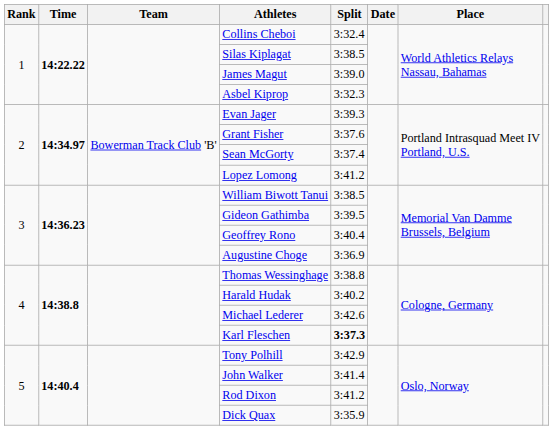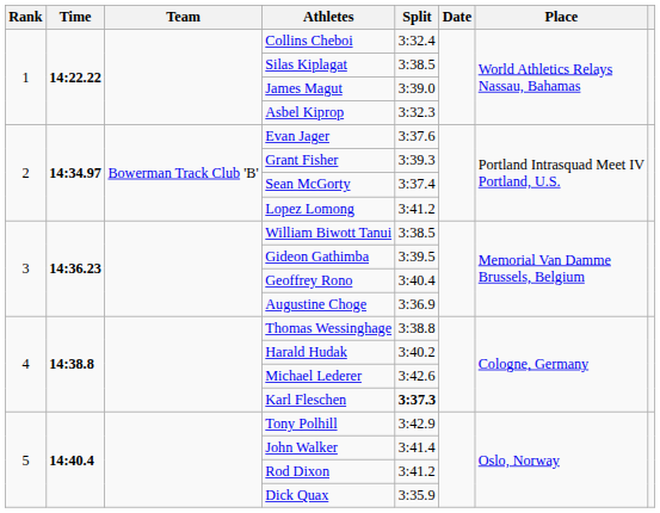 <table class="wikitable sortable" style="font-size:95%;">
 <tr>
 <th>Rank</th>
 <th>Time</th>
 <th>Team</th>
 <th>Athletes</th>
 <th>Split</th>
 <th>Date</th>
 <th>Place</th>
 <th></th>
 </tr>
 <tr>
 <td rowspan=4 align=center>1</td>
 <td rowspan=4><strong>14:22.22</strong></td>
 <td rowspan=4></td>
 <td><a href='#'>Collins Cheboi</a></td>
 <td>3:32.4</td>
 <td rowspan=4><a href='#'></a></td>
 <td rowspan=4><a href='#'>World Athletics Relays</a><br><a href='#'>Nassau, Bahamas</a></td>
 <td rowspan=4></td>
 </tr>
 <tr>
 <td><a href='#'>Silas Kiplagat</a></td>
 <td>3:38.5</td>
 </tr>
 <tr>
 <td><a href='#'>James Magut</a></td>
 <td>3:39.0</td>
 </tr>
 <tr>
 <td><a href='#'>Asbel Kiprop</a></td>
 <td>3:32.3</td>
 </tr>
 <tr>
 <td rowspan=4 align=center>2</td>
 <td rowspan=4><strong>14:34.97</strong></td>
 <td rowspan=4><a href='#'>Bowerman Track Club</a> 'B'<br></td>
 <td><a href='#'>Evan Jager</a></td>
-<td>3:39.3 </td>
+<td>3:37.6 </td>
 <td rowspan=4></td>
 <td rowspan=4>Portland Intrasquad Meet IV<br><a href='#'>Portland, U.S.</a></td>
 <td rowspan=4></td>
 </tr>
 <tr>
 <td><a href='#'>Grant Fisher</a></td>
-<td>3:37.6 </td>
+<td>3:39.3 </td>
 </tr>
 <tr>
 <td><a href='#'>Sean McGorty</a></td>
 <td>3:37.4 </td>
 </tr>
 <tr>
 <td><a href='#'>Lopez Lomong</a></td>
 <td>3:41.2 </td>
 </tr>
 <tr>
 <td rowspan=4 align=center>3</td>
 <td rowspan=4><strong>14:36.23</strong></td>
 <td rowspan=4></td>
 <td><a href='#'>William Biwott Tanui</a></td>
 <td>3:38.5</td>
 <td rowspan=4></td>
 <td rowspan=4><a href='#'>Memorial Van Damme</a><br><a href='#'>Brussels, Belgium</a></td>
 <td rowspan=4></td>
 </tr>
 <tr>
 <td><a href='#'>Gideon Gathimba</a></td>
 <td>3:39.5</td>
 </tr>
 <tr>
 <td><a href='#'>Geoffrey Rono</a></td>
 <td>3:40.4</td>
 </tr>
 <tr>
 <td><a href='#'>Augustine Choge</a></td>
 <td>3:36.9</td>
 </tr>
 <tr>
 <td rowspan=4 align=center>4</td>
 <td rowspan=4><strong>14:38.8</strong></td>
 <td rowspan=4></td>
 <td><a href='#'>Thomas Wessinghage</a></td>
 <td>3:38.8</td>
 <td rowspan=4></td>
 <td rowspan=4><a href='#'>Cologne, Germany</a></td>
 <td rowspan=4></td>
 </tr>
 <tr>
 <td><a href='#'>Harald Hudak</a></td>
 <td>3:40.2</td>
 </tr>
 <tr>
 <td><a href='#'>Michael Lederer</a></td>
 <td>3:42.6</td>
 </tr>
 <tr>
 <td><a href='#'>Karl Fleschen</a></td>
 <td><strong>3:37.3</strong></td>
 </tr>
 <tr>
 <td rowspan=4 align=center>5</td>
 <td rowspan=4><strong>14:40.4</strong></td>
 <td rowspan=4></td>
 <td><a href='#'>Tony Polhill</a></td>
 <td>3:42.9</td>
 <td rowspan=4></td>
 <td rowspan=4><a href='#'>Oslo, Norway</a></td>
 <td rowspan=4></td>
 </tr>
 <tr>
 <td><a href='#'>John Walker</a></td>
 <td>3:41.4</td>
 </tr>
 <tr>
 <td><a href='#'>Rod Dixon</a></td>
 <td>3:41.2</td>
 </tr>
 <tr>
 <td><a href='#'>Dick Quax</a></td>
 <td>3:35.9</td>
 </tr>
 </table>
